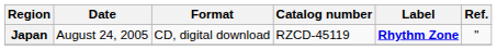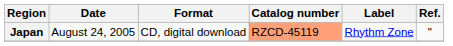 <table class="wikitable plainrowheaders">
 <tr>
 <th>Region</th>
 <th>Date</th>
 <th>Format</th>
 <th>Catalog number</th>
 <th>Label</th>
 <th>Ref.</th>
 </tr>
 <tr>
 <th scope="row">Japan</th>
 <td>August 24, 2005</td>
 <td>CD, digital download</td>
-<td>RZCD-45119</td>
-<td><strong><a href='#'>Rhythm Zone</a></strong></td>
+<td style="background: lightsalmon;">RZCD-45119</td>
+<td><a href='#'>Rhythm Zone</a></td>
 <td align="center">" </td>
 </tr>
 <tr>
 </tr>
 </table>
